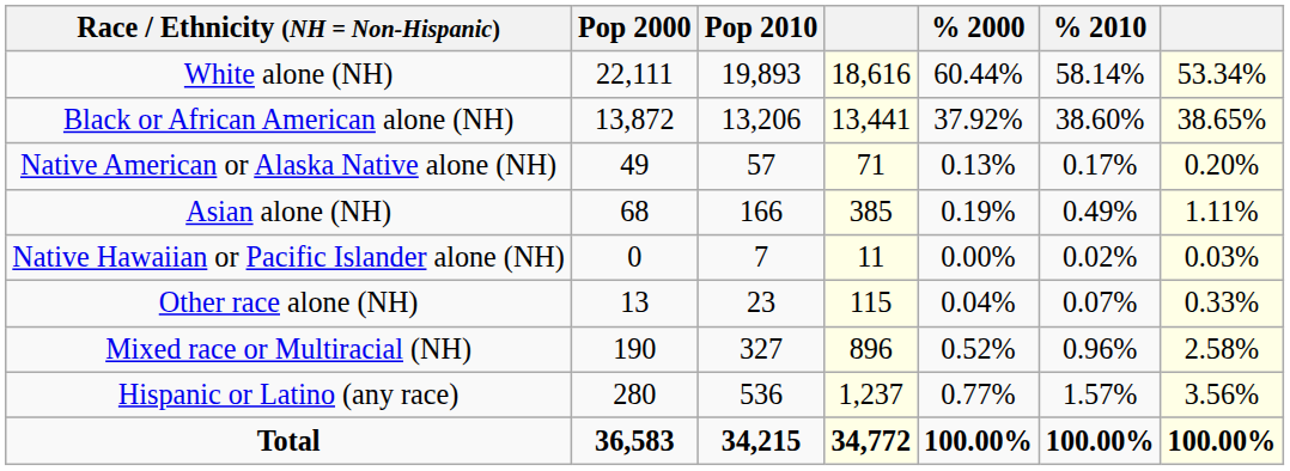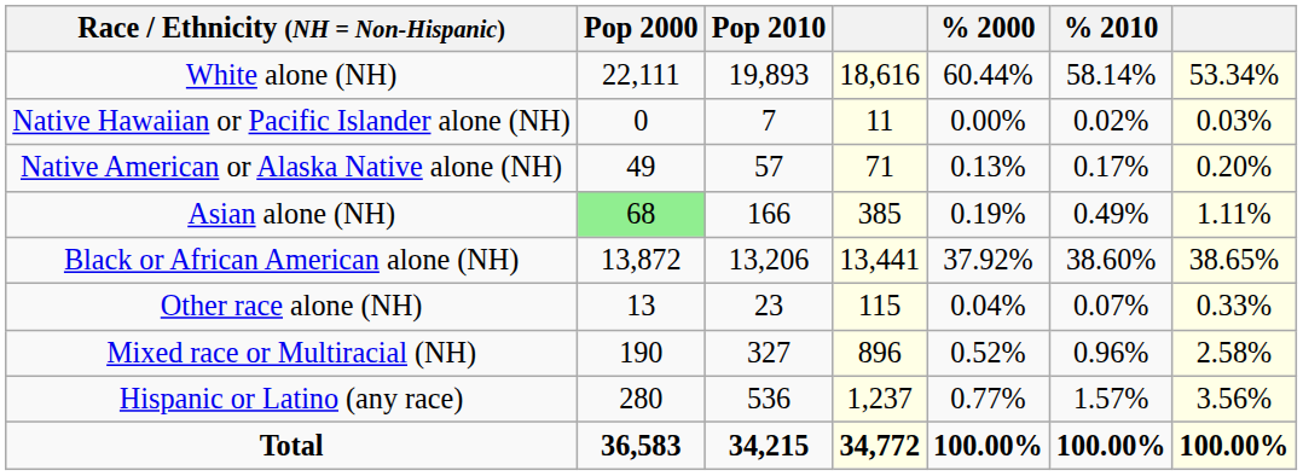 <table class="wikitable" style="text-align:center;">
 <tr>
 <th>Race / Ethnicity <small>(<em>NH = Non-Hispanic</em>)</small></th>
 <th>Pop 2000</th>
 <th>Pop 2010</th>
 <th></th>
 <th>% 2000</th>
 <th>% 2010</th>
 <th></th>
 </tr>
 <tr>
 <td><a href='#'>White</a> alone (NH)</td>
 <td>22,111</td>
 <td>19,893</td>
 <td style='background: #ffffe6;'>18,616</td>
 <td>60.44%</td>
 <td>58.14%</td>
 <td style='background: #ffffe6;'>53.34%</td>
 </tr>
 <tr>
-<td><a href='#'>Black or African American</a> alone (NH)</td>
-<td>13,872</td>
-<td>13,206</td>
-<td style='background: #ffffe6;'>13,441</td>
-<td>37.92%</td>
-<td>38.60%</td>
-<td style='background: #ffffe6;'>38.65%</td>
+<td><a href='#'>Native Hawaiian</a> or <a href='#'>Pacific Islander</a> alone (NH)</td>
+<td>0</td>
+<td>7</td>
+<td style='background: #ffffe6;'>11</td>
+<td>0.00%</td>
+<td>0.02%</td>
+<td style='background: #ffffe6;'>0.03%</td>
 </tr>
 <tr>
 <td><a href='#'>Native American</a> or <a href='#'>Alaska Native</a> alone (NH)</td>
 <td>49</td>
 <td>57</td>
 <td style='background: #ffffe6;'>71</td>
 <td>0.13%</td>
 <td>0.17%</td>
 <td style='background: #ffffe6;'>0.20%</td>
 </tr>
 <tr>
 <td><a href='#'>Asian</a> alone (NH)</td>
-<td>68</td>
+<td style="background: lightgreen;">68</td>
 <td>166</td>
 <td style='background: #ffffe6;'>385</td>
 <td>0.19%</td>
 <td>0.49%</td>
 <td style='background: #ffffe6;'>1.11%</td>
 </tr>
 <tr>
-<td><a href='#'>Native Hawaiian</a> or <a href='#'>Pacific Islander</a> alone (NH)</td>
-<td>0</td>
-<td>7</td>
-<td style='background: #ffffe6;'>11</td>
-<td>0.00%</td>
-<td>0.02%</td>
-<td style='background: #ffffe6;'>0.03%</td>
+<td><a href='#'>Black or African American</a> alone (NH)</td>
+<td>13,872</td>
+<td>13,206</td>
+<td style='background: #ffffe6;'>13,441</td>
+<td>37.92%</td>
+<td>38.60%</td>
+<td style='background: #ffffe6;'>38.65%</td>
 </tr>
 <tr>
 <td><a href='#'>Other race</a> alone (NH)</td>
 <td>13</td>
 <td>23</td>
 <td style='background: #ffffe6;'>115</td>
 <td>0.04%</td>
 <td>0.07%</td>
 <td style='background: #ffffe6;'>0.33%</td>
 </tr>
 <tr>
 <td><a href='#'>Mixed race or Multiracial</a> (NH)</td>
 <td>190</td>
 <td>327</td>
 <td style='background: #ffffe6;'>896</td>
 <td>0.52%</td>
 <td>0.96%</td>
 <td style='background: #ffffe6;'>2.58%</td>
 </tr>
 <tr>
 <td><a href='#'>Hispanic or Latino</a> (any race)</td>
 <td>280</td>
 <td>536</td>
 <td style='background: #ffffe6;'>1,237</td>
 <td>0.77%</td>
 <td>1.57%</td>
 <td style='background: #ffffe6;'>3.56%</td>
 </tr>
 <tr>
 <td><strong>Total</strong></td>
 <td><strong>36,583</strong></td>
 <td><strong>34,215</strong></td>
 <td style='background: #ffffe6;'><strong>34,772</strong></td>
 <td><strong>100.00%</strong></td>
 <td><strong>100.00%</strong></td>
 <td style='background: #ffffe6;'><strong>100.00%</strong></td>
 </tr>
 </table>
